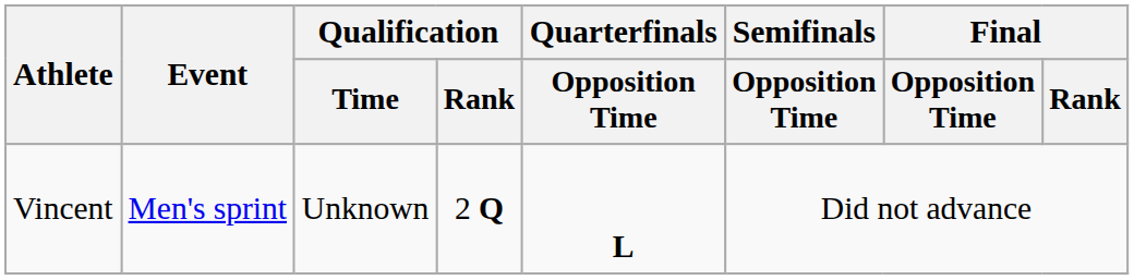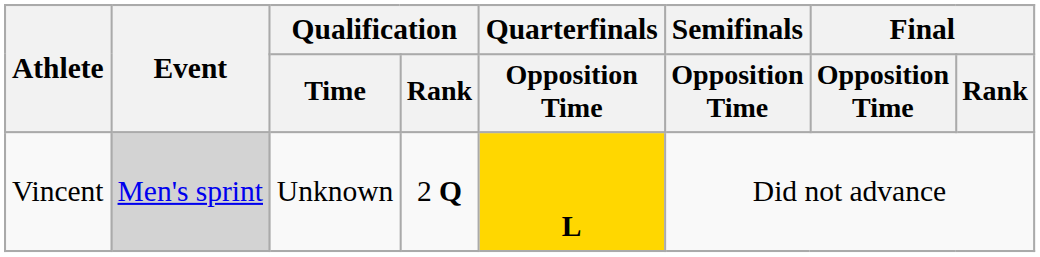 <table class="wikitable" style="font-size:90%">
 <tr>
 <th rowspan=2>Athlete</th>
 <th rowspan=2>Event</th>
 <th colspan=2>Qualification</th>
 <th>Quarterfinals</th>
 <th>Semifinals</th>
 <th colspan=2>Final</th>
 </tr>
 <tr style="font-size:95%">
 <th>Time</th>
 <th>Rank</th>
 <th>Opposition<br>Time</th>
 <th>Opposition<br>Time</th>
 <th>Opposition<br>Time</th>
 <th>Rank</th>
 </tr>
 <tr align=center>
 <td align=left>Vincent</td>
-<td align=left><a href='#'>Men's sprint</a></td>
+<td align=left style="background: lightgrey;"><a href='#'>Men's sprint</a></td>
 <td>Unknown</td>
 <td>2 <strong>Q</strong></td>
-<td><br><br><strong>L</strong></td>
+<td style="background: gold;"><br><br><strong>L</strong></td>
 <td colspan=3>Did not advance</td>
 </tr>
 </table>
